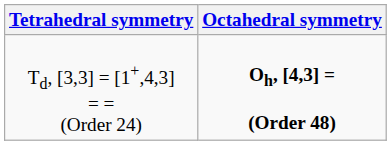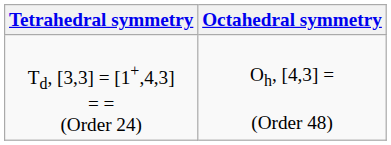 <table class=wikitable>
 <tr>
 <th><a href='#'>Tetrahedral symmetry</a></th>
 <th><a href='#'>Octahedral symmetry</a></th>
 </tr>
 <tr align=center>
 <td><br>T<sub>d</sub>, [3,3] = [1<sup>+</sup>,4,3]<br> =  = <br>(Order 24)</td>
-<td><strong><br>O<sub>h</sub>, [4,3] = <br><br>(Order 48)</strong></td>
+<td><br>O<sub>h</sub>, [4,3] = <br><br>(Order 48)</td>
 </tr>
 </table>
